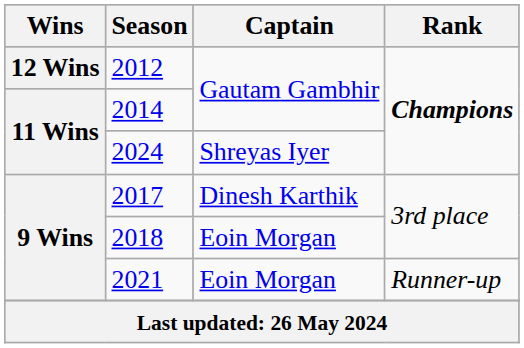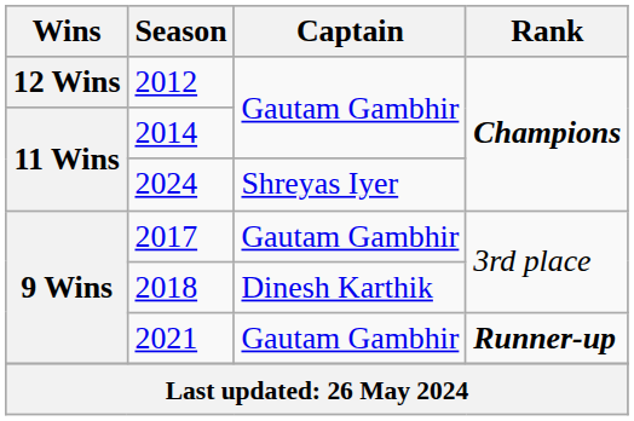 <table class="wikitable sortable" style="text-align:left;font-size:96%;">
 <tr>
 <th>Wins</th>
 <th>Season</th>
 <th>Captain</th>
 <th>Rank</th>
 </tr>
 <tr>
 <th scope=row style=text-align:center;>12 Wins</th>
 <td><a href='#'>2012</a></td>
 <td rowspan=2><a href='#'>Gautam Gambhir</a></td>
 <td rowspan=3><strong><em>Champions</em></strong></td>
 </tr>
 <tr>
 <th scope=row style=text-align:center; rowspan=2>11 Wins</th>
 <td><a href='#'>2014</a></td>
 </tr>
 <tr>
 <td><a href='#'>2024</a></td>
 <td><a href='#'>Shreyas Iyer</a></td>
 </tr>
 <tr>
 <th scope=row style=text-align:center; rowspan=3>9 Wins</th>
 <td><a href='#'>2017</a></td>
-<td><a href='#'>Dinesh Karthik</a></td>
+<td><a href='#'>Gautam Gambhir</a></td>
 <td rowspan=2><em>3rd place</em></td>
 </tr>
 <tr>
 <td><a href='#'>2018</a></td>
-<td><a href='#'>Eoin Morgan</a></td>
+<td><a href='#'>Dinesh Karthik</a></td>
 </tr>
 <tr>
 <td><a href='#'>2021</a></td>
-<td><a href='#'>Eoin Morgan</a></td>
-<td><em>Runner-up</em></td>
+<td><a href='#'>Gautam Gambhir</a></td>
+<td><strong><em>Runner-up</em></strong></td>
 </tr>
 <tr>
 </tr>
 <tr class="sortbottom">
 <th colspan="4"><small>Last updated: 26 May 2024</small></th>
 </tr>
 </table>
